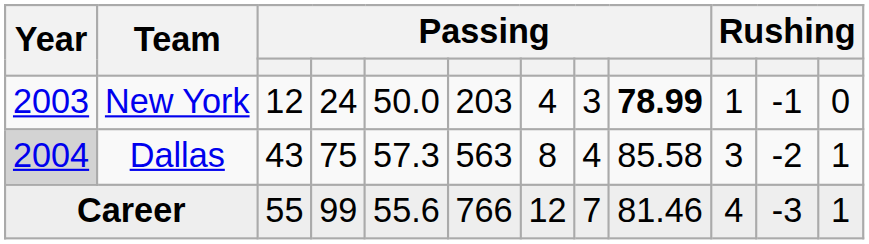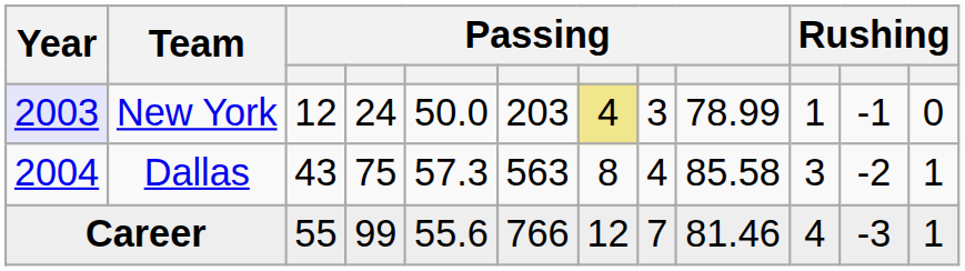 <table class="wikitable sortable" style="text-align:center">
 <tr>
 <th rowspan=2>Year</th>
 <th rowspan=2>Team</th>
 <th colspan=7>Passing</th>
 <th colspan=3>Rushing</th>
 </tr>
 <tr>
 <th></th>
 <th></th>
 <th></th>
 <th></th>
 <th></th>
 <th></th>
 <th></th>
 <th></th>
 <th></th>
 <th></th>
 </tr>
 <tr>
-<td><a href='#'>2003</a></td>
+<td style="background: lavender;"><a href='#'>2003</a></td>
 <td><a href='#'>New York</a></td>
 <td>12</td>
 <td>24</td>
 <td>50.0</td>
 <td>203</td>
-<td>4</td>
+<td style="background: khaki;">4</td>
 <td>3</td>
-<td><strong>78.99</strong></td>
+<td>78.99</td>
 <td>1</td>
 <td>-1</td>
 <td>0</td>
 </tr>
 <tr>
-<td style="background: lightgrey;"><a href='#'>2004</a></td>
+<td><a href='#'>2004</a></td>
 <td><a href='#'>Dallas</a></td>
 <td>43</td>
 <td>75</td>
 <td>57.3</td>
 <td>563</td>
 <td>8</td>
 <td>4</td>
 <td>85.58</td>
 <td>3</td>
 <td>-2</td>
 <td>1</td>
 </tr>
 <tr class="sortbottom" style="background:#eee;">
 <td colspan=2><strong>Career</strong></td>
 <td>55</td>
 <td>99</td>
 <td>55.6</td>
 <td>766</td>
 <td>12</td>
 <td>7</td>
 <td>81.46</td>
 <td>4</td>
 <td>-3</td>
 <td>1</td>
 </tr>
 </table>
